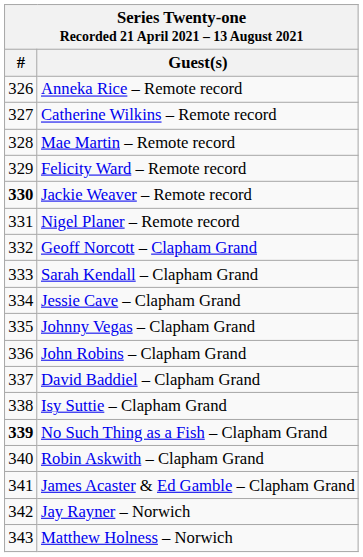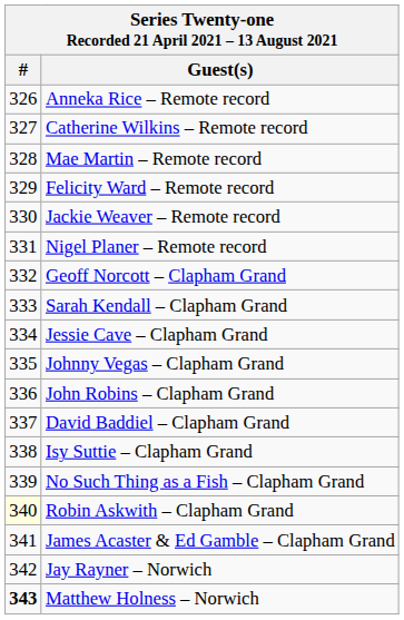 <table class="wikitable">
 <tr>
 <th colspan="3">Series Twenty-one<br><small>Recorded 21 April 2021 – 13 August 2021</small></th>
 </tr>
 <tr>
 <th>#</th>
 <th>Guest(s)</th>
 </tr>
 <tr>
 <td>326</td>
 <td><a href='#'>Anneka Rice</a> – Remote record</td>
 </tr>
 <tr>
 <td>327</td>
 <td><a href='#'>Catherine Wilkins</a> – Remote record</td>
 </tr>
 <tr>
 <td>328</td>
 <td><a href='#'>Mae Martin</a> – Remote record</td>
 </tr>
 <tr>
 <td>329</td>
 <td><a href='#'>Felicity Ward</a> – Remote record</td>
 </tr>
 <tr>
-<td><strong>330</strong></td>
+<td>330</td>
 <td><a href='#'>Jackie Weaver</a> – Remote record</td>
 </tr>
 <tr>
 <td>331</td>
 <td><a href='#'>Nigel Planer</a> – Remote record</td>
 </tr>
 <tr>
 <td>332</td>
 <td><a href='#'>Geoff Norcott</a> – <a href='#'>Clapham Grand</a></td>
 </tr>
 <tr>
 <td>333</td>
 <td><a href='#'>Sarah Kendall</a> – Clapham Grand</td>
 </tr>
 <tr>
 <td>334</td>
 <td><a href='#'>Jessie Cave</a> – Clapham Grand</td>
 </tr>
 <tr>
 <td>335</td>
 <td><a href='#'>Johnny Vegas</a> – Clapham Grand</td>
 </tr>
 <tr>
 <td>336</td>
 <td><a href='#'>John Robins</a> – Clapham Grand</td>
 </tr>
 <tr>
 <td>337</td>
 <td><a href='#'>David Baddiel</a> – Clapham Grand</td>
 </tr>
 <tr>
 <td>338</td>
 <td><a href='#'>Isy Suttie</a> – Clapham Grand</td>
 </tr>
 <tr>
-<td><strong>339</strong></td>
+<td>339</td>
 <td><a href='#'>No Such Thing as a Fish</a> – Clapham Grand</td>
 </tr>
 <tr>
-<td>340</td>
+<td style="background: lightyellow;">340</td>
 <td><a href='#'>Robin Askwith</a> – Clapham Grand</td>
 </tr>
 <tr>
 <td>341</td>
 <td><a href='#'>James Acaster</a> & <a href='#'>Ed Gamble</a> – Clapham Grand</td>
 </tr>
 <tr>
 <td>342</td>
 <td><a href='#'>Jay Rayner</a> – Norwich</td>
 </tr>
 <tr>
-<td>343</td>
+<td><strong>343</strong></td>
 <td><a href='#'>Matthew Holness</a> – Norwich</td>
 </tr>
 </table>
